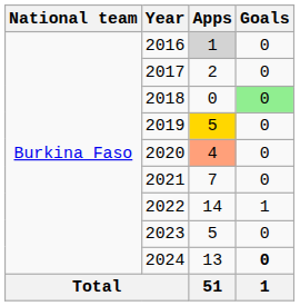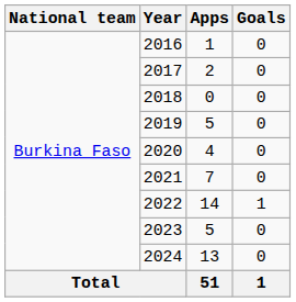 <table class="wikitable" style="text-align:center">
 <tr>
 <th>National team</th>
 <th>Year</th>
 <th>Apps</th>
 <th>Goals</th>
 </tr>
 <tr>
 <td rowspan="9"><a href='#'>Burkina Faso</a></td>
 <td>2016</td>
-<td style="background: lightgrey;">1</td>
+<td>1</td>
 <td>0</td>
 </tr>
 <tr>
 <td>2017</td>
 <td>2</td>
 <td>0</td>
 </tr>
 <tr>
 <td>2018</td>
 <td>0</td>
-<td style="background: lightgreen;">0</td>
+<td>0</td>
 </tr>
 <tr>
 <td>2019</td>
-<td style="background: gold;">5</td>
+<td>5</td>
 <td>0</td>
 </tr>
 <tr>
 <td>2020</td>
-<td style="background: lightsalmon;">4</td>
+<td>4</td>
 <td>0</td>
 </tr>
 <tr>
 <td>2021</td>
 <td>7</td>
 <td>0</td>
 </tr>
 <tr>
 <td>2022</td>
 <td>14</td>
 <td>1</td>
 </tr>
 <tr>
 <td>2023</td>
 <td>5</td>
 <td>0</td>
 </tr>
 <tr>
 <td>2024</td>
 <td>13</td>
-<td><strong>0</strong></td>
+<td>0</td>
 </tr>
 <tr>
 <th colspan="2">Total</th>
 <th>51</th>
 <th>1</th>
 </tr>
 </table>
